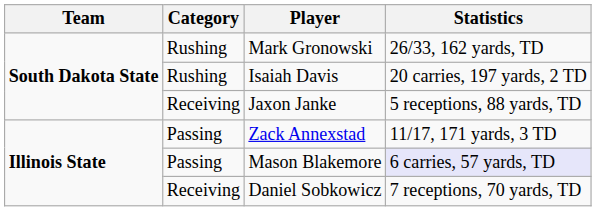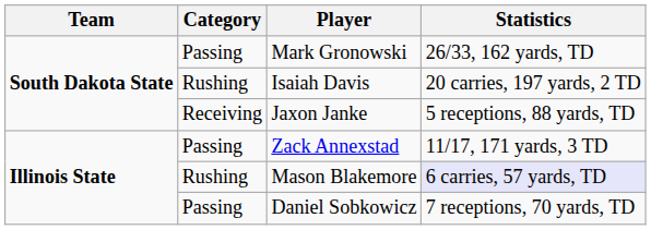 <table class="wikitable" style="float: left;">
 <tr>
 <th>Team</th>
 <th>Category</th>
 <th>Player</th>
 <th>Statistics</th>
 </tr>
 <tr>
 <td rowspan=3><strong>South Dakota State</strong></td>
-<td>Rushing</td>
+<td>Passing</td>
 <td>Mark Gronowski</td>
 <td>26/33, 162 yards, TD</td>
 </tr>
 <tr>
 <td>Rushing</td>
 <td>Isaiah Davis</td>
 <td>20 carries, 197 yards, 2 TD</td>
 </tr>
 <tr>
 <td>Receiving</td>
 <td>Jaxon Janke</td>
 <td>5 receptions, 88 yards, TD</td>
 </tr>
 <tr>
 <td rowspan=3><strong>Illinois State</strong></td>
 <td>Passing</td>
 <td><a href='#'>Zack Annexstad</a></td>
 <td>11/17, 171 yards, 3 TD</td>
 </tr>
 <tr>
-<td>Passing</td>
+<td>Rushing</td>
 <td>Mason Blakemore</td>
 <td style="background: lavender;">6 carries, 57 yards, TD</td>
 </tr>
 <tr>
-<td>Receiving</td>
+<td>Passing</td>
 <td>Daniel Sobkowicz</td>
 <td>7 receptions, 70 yards, TD</td>
 </tr>
 </table>
